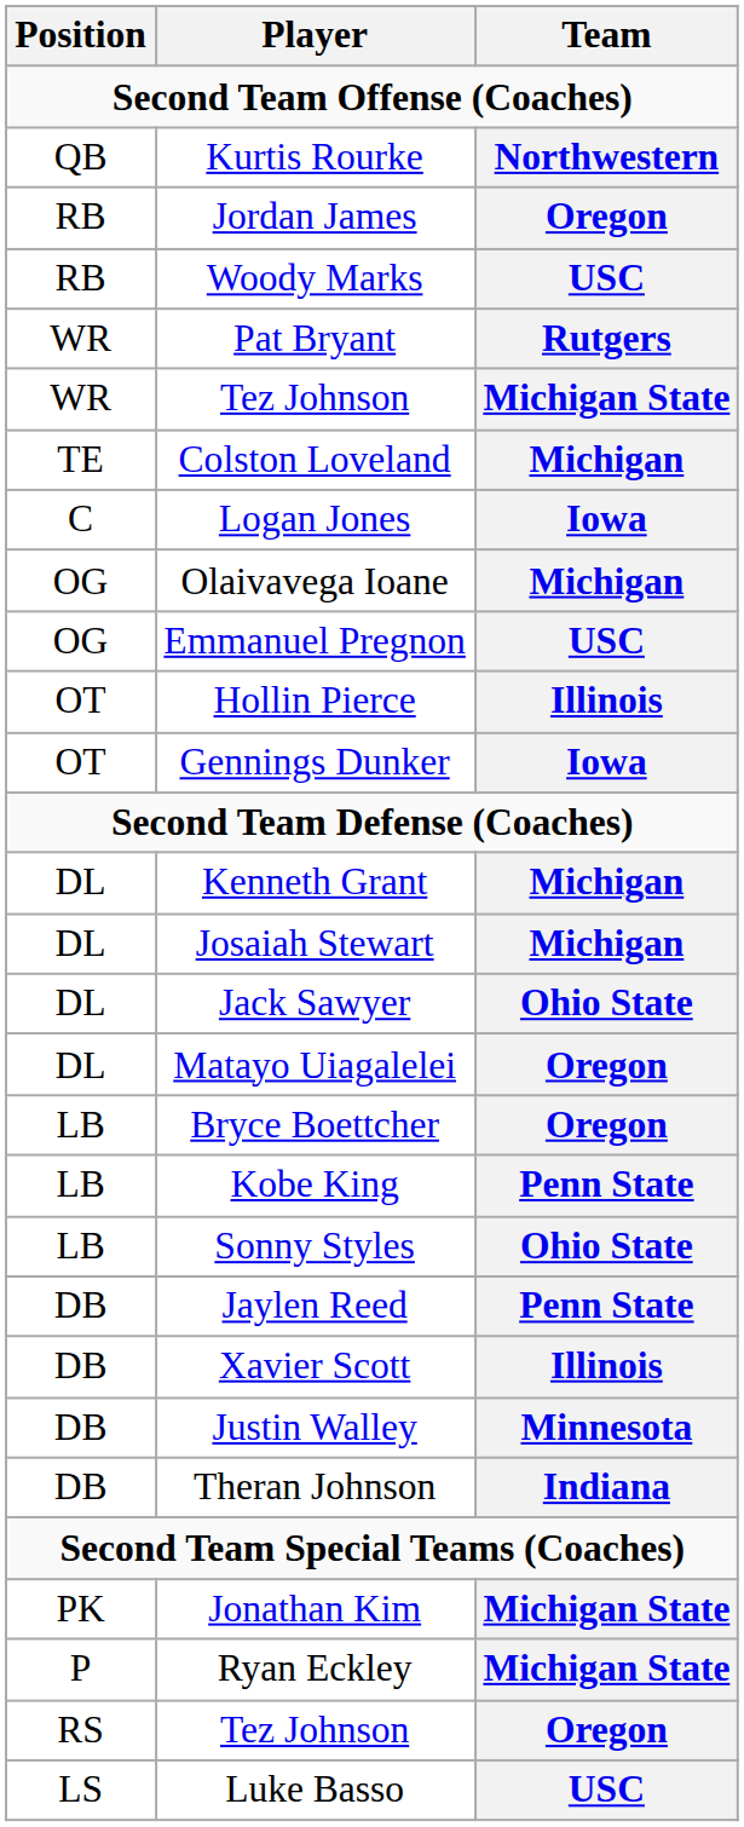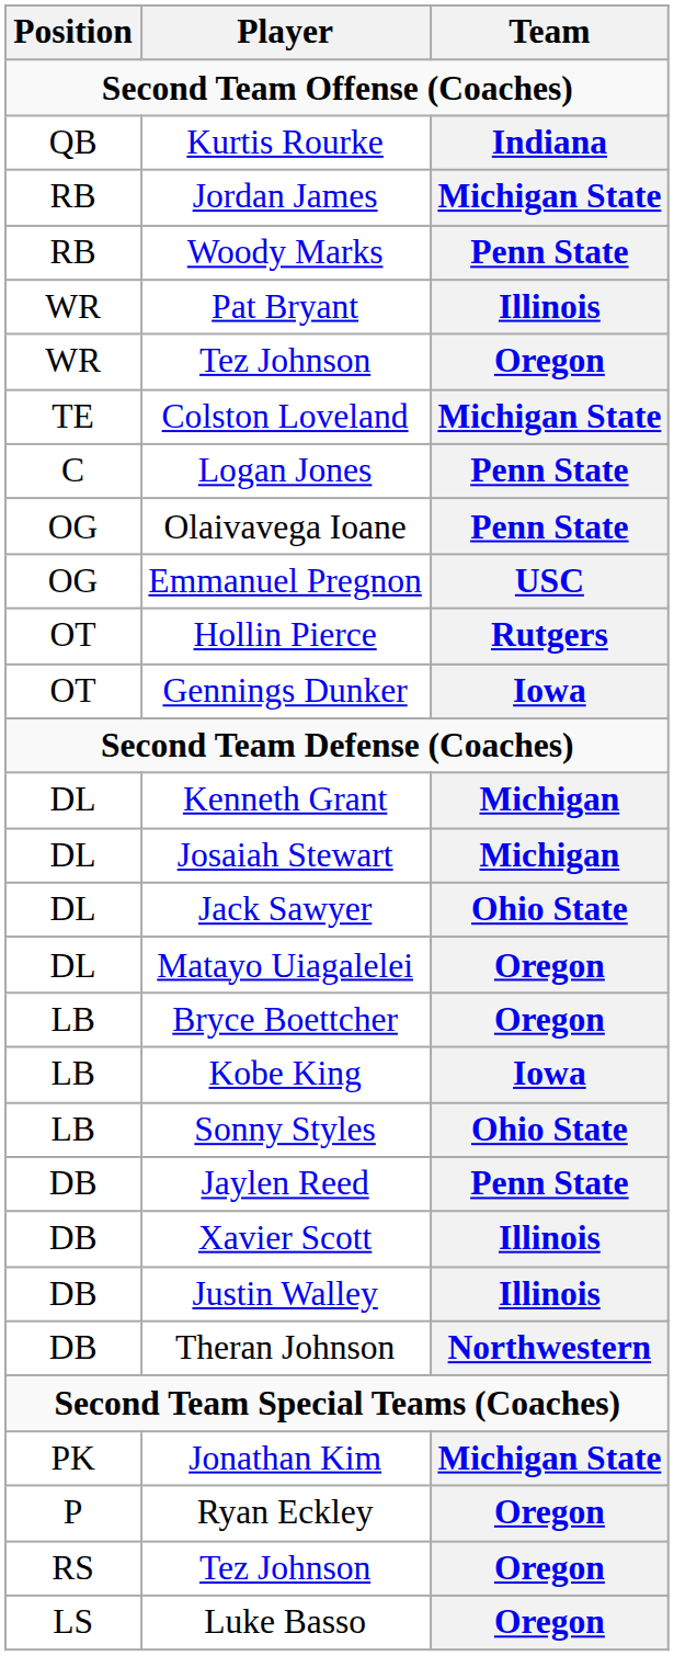 <table class="wikitable sortable">
 <tr>
 <th>Position</th>
 <th>Player</th>
 <th>Team</th>
 </tr>
 <tr>
 <td colspan="3" style="text-align:center; "><strong>Second Team Offense (Coaches)</strong></td>
 </tr>
 <tr style="text-align:center;">
 <td style="background:white">QB</td>
 <td style="background:white"><a href='#'>Kurtis Rourke</a></td>
-<th><a href='#'>Northwestern</a></th>
+<th><a href='#'>Indiana</a></th>
 </tr>
 <tr style="text-align:center;">
 <td style="background:white">RB</td>
 <td style="background:white"><a href='#'>Jordan James</a></td>
-<th><a href='#'>Oregon</a></th>
+<th><a href='#'>Michigan State</a></th>
 </tr>
 <tr style="text-align:center;">
 <td style="background:white">RB</td>
 <td style="background:white"><a href='#'>Woody Marks</a></td>
-<th><a href='#'>USC</a></th>
+<th><a href='#'>Penn State</a></th>
 </tr>
 <tr style="text-align:center;">
 <td style="background:white">WR</td>
 <td style="background:white"><a href='#'>Pat Bryant</a></td>
-<th><a href='#'>Rutgers</a></th>
+<th><a href='#'>Illinois</a></th>
 </tr>
 <tr style="text-align:center;">
 <td style="background:white">WR</td>
 <td style="background:white"><a href='#'>Tez Johnson</a></td>
-<th><a href='#'>Michigan State</a></th>
+<th><a href='#'>Oregon</a></th>
 </tr>
 <tr style="text-align:center;">
 <td style="background:white">TE</td>
 <td style="background:white"><a href='#'>Colston Loveland</a></td>
-<th><a href='#'>Michigan</a></th>
+<th><a href='#'>Michigan State</a></th>
 </tr>
 <tr style="text-align:center;">
 <td style="background:white">C</td>
 <td style="background:white"><a href='#'>Logan Jones</a></td>
-<th><a href='#'>Iowa</a></th>
+<th><a href='#'>Penn State</a></th>
 </tr>
 <tr style="text-align:center;">
 <td style="background:white">OG</td>
 <td style="background:white">Olaivavega Ioane</td>
-<th><a href='#'>Michigan</a></th>
+<th><a href='#'>Penn State</a></th>
 </tr>
 <tr style="text-align:center;">
 <td style="background:white">OG</td>
 <td style="background:white"><a href='#'>Emmanuel Pregnon</a></td>
 <th><a href='#'>USC</a></th>
 </tr>
 <tr style="text-align:center;">
 <td style="background:white">OT</td>
 <td style="background:white"><a href='#'>Hollin Pierce</a></td>
-<th><a href='#'>Illinois</a></th>
+<th><a href='#'>Rutgers</a></th>
 </tr>
 <tr style="text-align:center;">
 <td style="background:white">OT</td>
 <td style="background:white"><a href='#'>Gennings Dunker</a></td>
 <th><a href='#'>Iowa</a></th>
 </tr>
 <tr>
 <td colspan="3" style="text-align:center; "><strong>Second Team Defense (Coaches)</strong></td>
 </tr>
 <tr style="text-align:center;">
 <td style="background:white">DL</td>
 <td style="background:white"><a href='#'>Kenneth Grant</a></td>
 <th><a href='#'>Michigan</a></th>
 </tr>
 <tr style="text-align:center;">
 <td style="background:white">DL</td>
 <td style="background:white"><a href='#'>Josaiah Stewart</a></td>
 <th><a href='#'>Michigan</a></th>
 </tr>
 <tr style="text-align:center;">
 <td style="background:white">DL</td>
 <td style="background:white"><a href='#'>Jack Sawyer</a></td>
 <th><a href='#'>Ohio State</a></th>
 </tr>
 <tr style="text-align:center;">
 <td style="background:white">DL</td>
 <td style="background:white"><a href='#'>Matayo Uiagalelei</a></td>
 <th><a href='#'>Oregon</a></th>
 </tr>
 <tr style="text-align:center;">
 <td style="background:white">LB</td>
 <td style="background:white"><a href='#'>Bryce Boettcher</a></td>
 <th><a href='#'>Oregon</a></th>
 </tr>
 <tr style="text-align:center;">
 <td style="background:white">LB</td>
 <td style="background:white"><a href='#'>Kobe King</a></td>
-<th><a href='#'>Penn State</a></th>
+<th><a href='#'>Iowa</a></th>
 </tr>
 <tr style="text-align:center;">
 <td style="background:white">LB</td>
 <td style="background:white"><a href='#'>Sonny Styles</a></td>
 <th><a href='#'>Ohio State</a></th>
 </tr>
 <tr style="text-align:center;">
 <td style="background:white">DB</td>
 <td style="background:white"><a href='#'>Jaylen Reed</a></td>
 <th><a href='#'>Penn State</a></th>
 </tr>
 <tr style="text-align:center;">
 <td style="background:white">DB</td>
 <td style="background:white"><a href='#'>Xavier Scott</a></td>
 <th><a href='#'>Illinois</a></th>
 </tr>
 <tr style="text-align:center;">
 <td style="background:white">DB</td>
 <td style="background:white"><a href='#'>Justin Walley</a></td>
-<th><a href='#'>Minnesota</a></th>
+<th><a href='#'>Illinois</a></th>
 </tr>
 <tr style="text-align:center;">
 <td style="background:white">DB</td>
 <td style="background:white">Theran Johnson</td>
-<th><a href='#'>Indiana</a></th>
+<th><a href='#'>Northwestern</a></th>
 </tr>
 <tr>
 <td colspan="4" style="text-align:center; "><strong>Second Team Special Teams (Coaches)</strong></td>
 </tr>
 <tr style="text-align:center;">
 <td style="background:white">PK</td>
 <td style="background:white"><a href='#'>Jonathan Kim</a></td>
 <th><a href='#'>Michigan State</a></th>
 </tr>
 <tr style="text-align:center;">
 <td style="background:white">P</td>
 <td style="background:white">Ryan Eckley</td>
-<th><a href='#'>Michigan State</a></th>
+<th><a href='#'>Oregon</a></th>
 </tr>
 <tr style="text-align:center;">
 <td style="background:white">RS</td>
 <td style="background:white"><a href='#'>Tez Johnson</a></td>
 <th><a href='#'>Oregon</a></th>
 </tr>
 <tr style="text-align:center;">
 <td style="background:white">LS</td>
 <td style="background:white">Luke Basso</td>
-<th><a href='#'>USC</a></th>
+<th><a href='#'>Oregon</a></th>
 </tr>
 </table>
